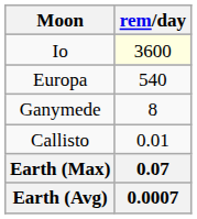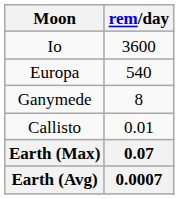 <table class=wikitable style="text-align:center; font-size:11px">
 <tr>
 <th>Moon</th>
 <th><a href='#'>rem</a>/day</th>
 </tr>
 <tr>
 <td>Io</td>
-<td style="background: lightyellow;">3600</td>
+<td>3600</td>
 </tr>
 <tr>
 <td>Europa</td>
 <td>540</td>
 </tr>
 <tr>
 <td>Ganymede</td>
 <td>8</td>
 </tr>
 <tr>
 <td>Callisto</td>
 <td>0.01</td>
 </tr>
 <tr>
 <th>Earth (Max)</th>
 <th>0.07</th>
 </tr>
 <tr>
 <th>Earth (Avg)</th>
 <th>0.0007</th>
 </tr>
 </table>
